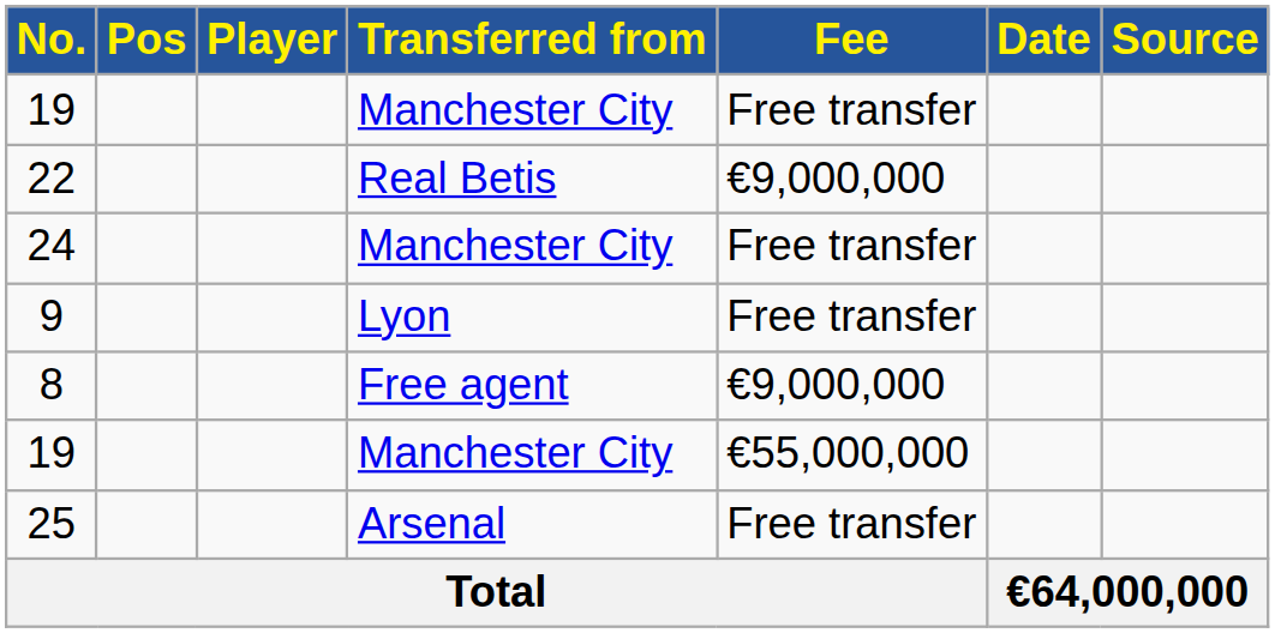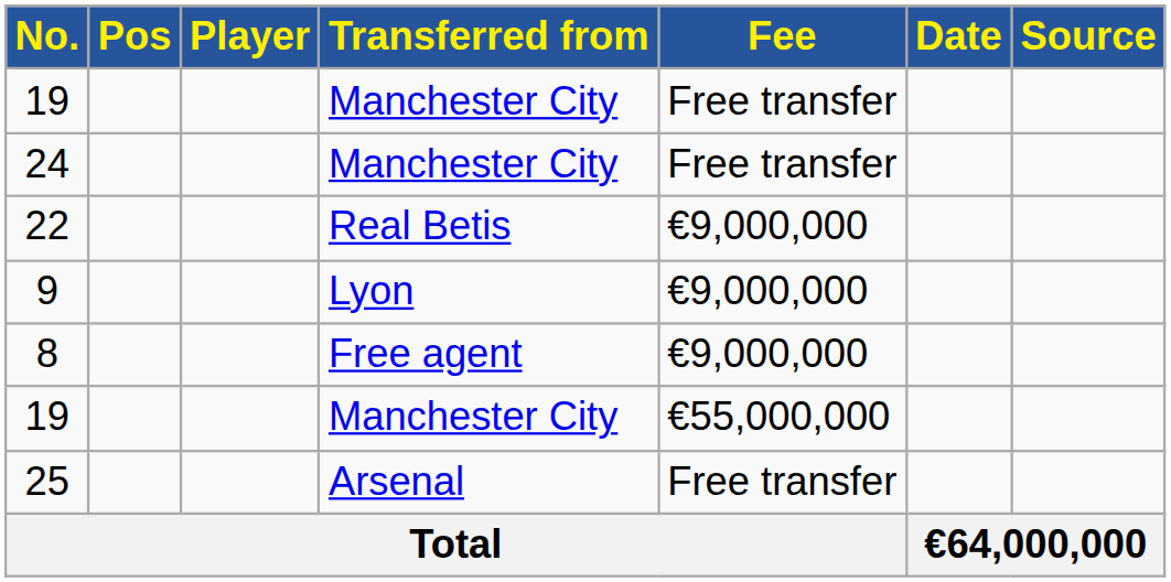 <table class="wikitable plainrowheaders sortable">
 <tr>
 <th style="background:#26559B; color:#FFF000; ">No.</th>
 <th style="background:#26559B; color:#FFF000; ">Pos</th>
 <th style="background:#26559B; color:#FFF000; ">Player</th>
 <th style="background:#26559B; color:#FFF000; ">Transferred from</th>
 <th style="background:#26559B; color:#FFF000; ">Fee</th>
 <th style="background:#26559B; color:#FFF000; ">Date</th>
 <th style="background:#26559B; color:#FFF000; ">Source</th>
 </tr>
 <tr>
 <td align=center>19</td>
 <td align=center></td>
 <td></td>
 <td> <a href='#'>Manchester City</a></td>
 <td>Free transfer</td>
 <td></td>
 <td></td>
 </tr>
 <tr>
+<td align=center>24</td>
+<td align=center></td>
+<td></td>
+<td> <a href='#'>Manchester City</a></td>
+<td>Free transfer</td>
+<td></td>
+<td></td>
+</tr>
+<tr>
 <td align=center>22</td>
 <td align=center></td>
 <td></td>
 <td><a href='#'>Real Betis</a></td>
 <td>€9,000,000</td>
 <td></td>
 <td></td>
 </tr>
 <tr>
-<td align=center>24</td>
-<td align=center></td>
-<td></td>
-<td> <a href='#'>Manchester City</a></td>
-<td>Free transfer</td>
-<td></td>
-<td></td>
-</tr>
-<tr>
 <td align=center>9</td>
 <td align=center></td>
 <td></td>
 <td> <a href='#'>Lyon</a></td>
-<td>Free transfer</td>
+<td>€9,000,000</td>
 <td></td>
 <td></td>
 </tr>
 <tr>
 <td align=center>8</td>
 <td align=center></td>
 <td></td>
 <td><a href='#'>Free agent</a></td>
 <td>€9,000,000</td>
 <td></td>
 <td></td>
 </tr>
 <tr>
 <td align=center>19</td>
 <td align=center></td>
 <td></td>
 <td> <a href='#'>Manchester City</a></td>
 <td>€55,000,000</td>
 <td></td>
 <td></td>
 </tr>
 <tr>
 <td align=center>25</td>
 <td align=center></td>
 <td></td>
 <td> <a href='#'>Arsenal</a></td>
 <td>Free transfer</td>
 <td></td>
 <td></td>
 </tr>
 <tr>
 <th colspan="5">Total</th>
 <th colspan="2">€64,000,000</th>
 </tr>
 </table>
